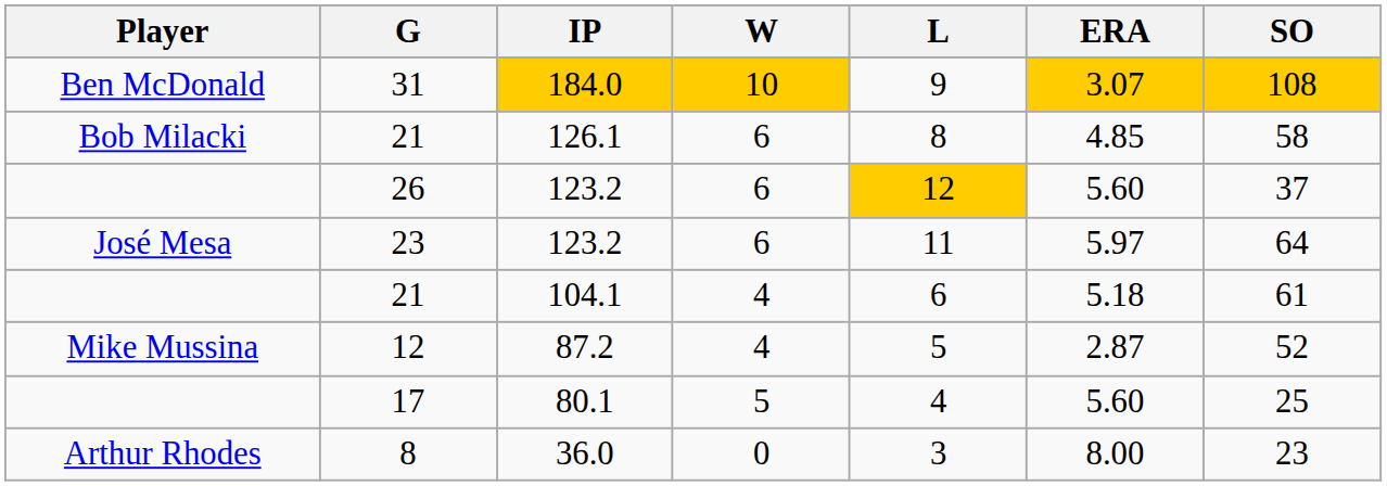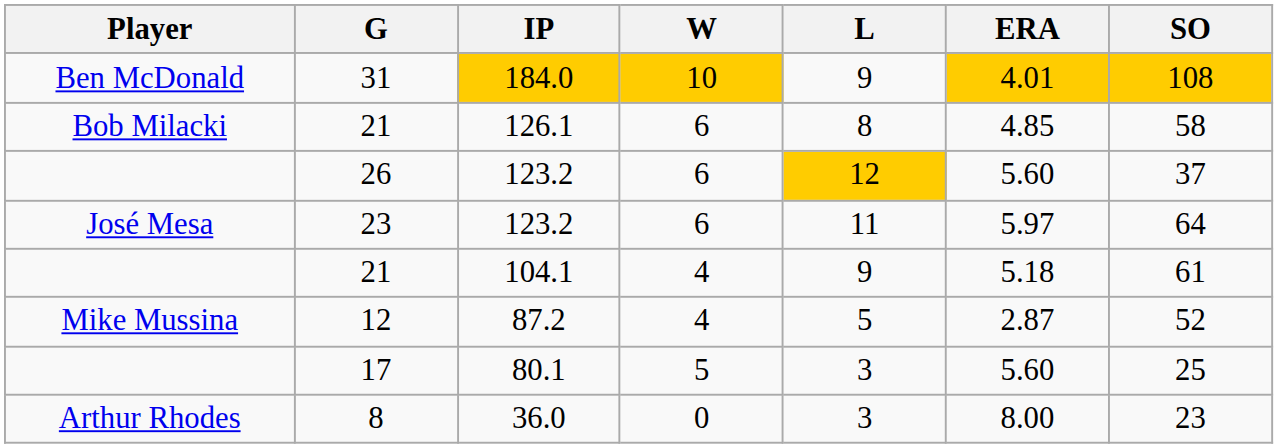 <table class="wikitable sortable">
 <tr>
 <th bgcolor="#DDDDFF" width="16%">Player</th>
 <th bgcolor="#DDDDFF" width="9%">G</th>
 <th bgcolor="#DDDDFF" width="9%">IP</th>
 <th bgcolor="#DDDDFF" width="9%">W</th>
 <th bgcolor="#DDDDFF" width="9%">L</th>
 <th bgcolor="#DDDDFF" width="9%">ERA</th>
 <th bgcolor="#DDDDFF" width="9%">SO</th>
 </tr>
 <tr align="center">
 <td><a href='#'>Ben McDonald</a></td>
 <td>31</td>
 <td style="background:#fc0;">184.0</td>
 <td style="background:#fc0;">10</td>
 <td>9</td>
-<td style="background:#fc0;">3.07</td>
+<td style="background:#fc0;">4.01</td>
 <td style="background:#fc0;">108</td>
 </tr>
 <tr align=center>
 <td><a href='#'>Bob Milacki</a></td>
 <td>21</td>
 <td>126.1</td>
 <td>6</td>
 <td>8</td>
 <td>4.85</td>
 <td>58</td>
 </tr>
 <tr align=center>
 <td></td>
 <td>26</td>
 <td>123.2</td>
 <td>6</td>
 <td style="background:#fc0;'">12</td>
 <td>5.60</td>
 <td>37</td>
 </tr>
 <tr align="center">
 <td><a href='#'>José Mesa</a></td>
 <td>23</td>
 <td>123.2</td>
 <td>6</td>
 <td>11</td>
 <td>5.97</td>
 <td>64</td>
 </tr>
 <tr align=center>
 <td></td>
 <td>21</td>
 <td>104.1</td>
 <td>4</td>
-<td>6</td>
+<td>9</td>
 <td>5.18</td>
 <td>61</td>
 </tr>
 <tr align="center">
 <td><a href='#'>Mike Mussina</a></td>
 <td>12</td>
 <td>87.2</td>
 <td>4</td>
 <td>5</td>
 <td>2.87</td>
 <td>52</td>
 </tr>
 <tr align=center>
 <td></td>
 <td>17</td>
 <td>80.1</td>
 <td>5</td>
-<td>4</td>
+<td>3</td>
 <td>5.60</td>
 <td>25</td>
 </tr>
 <tr align="center">
 <td><a href='#'>Arthur Rhodes</a></td>
 <td>8</td>
 <td>36.0</td>
 <td>0</td>
 <td>3</td>
 <td>8.00</td>
 <td>23</td>
 </tr>
 </table>
